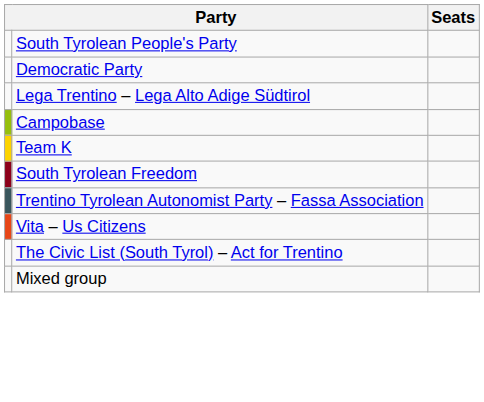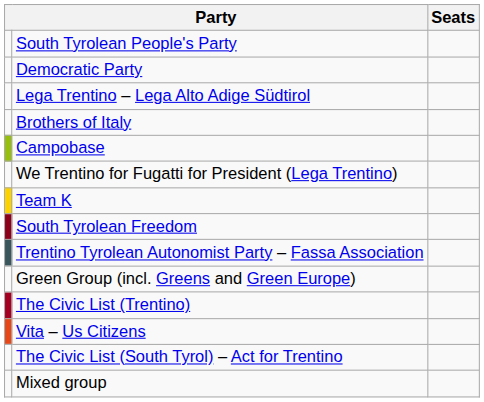 <table class=wikitable>
 <tr>
 <th colspan=2>Party</th>
 <th>Seats</th>
 </tr>
 <tr>
 <td style="color:inherit;background:"></td>
 <td><a href='#'>South Tyrolean People's Party</a></td>
 <td></td>
 </tr>
 <tr>
 <td style="color:inherit;background:"></td>
 <td><a href='#'>Democratic Party</a></td>
 <td></td>
 </tr>
 <tr>
 <td style="color:inherit;background:"></td>
 <td><a href='#'>Lega Trentino</a> – <a href='#'>Lega Alto Adige Südtirol</a></td>
 <td></td>
 </tr>
 <tr>
+<td style="color:inherit;background:"></td>
+<td><a href='#'>Brothers of Italy</a></td>
+<td></td>
+</tr>
+<tr>
 <td style="color:inherit;background:#96bf0d"></td>
 <td><a href='#'>Campobase</a></td>
+<td></td>
+</tr>
+<tr>
+<td style="color:inherit;background:"></td>
+<td>We Trentino for Fugatti for President (<a href='#'>Lega Trentino</a>)</td>
 <td></td>
 </tr>
 <tr>
 <td style="color:inherit;background:#FCD300"></td>
 <td><a href='#'>Team K</a></td>
 <td></td>
 </tr>
 <tr>
 <td style="color:inherit;background:#8C001A"></td>
 <td><a href='#'>South Tyrolean Freedom</a></td>
 <td></td>
 </tr>
 <tr>
 <td style="color:inherit;background:#39565C"></td>
 <td><a href='#'>Trentino Tyrolean Autonomist Party</a> – <a href='#'>Fassa Association</a></td>
 <td></td>
 </tr>
 <tr>
+<td style="color:inherit;background:"></td>
+<td>Green Group (incl. <a href='#'>Greens</a> and <a href='#'>Green Europe</a>)</td>
+<td></td>
+</tr>
+<tr>
+<td style="color:inherit;background:#A50021"></td>
+<td><a href='#'>The Civic List (Trentino)</a></td>
+<td></td>
+</tr>
+<tr>
 <td style="color:inherit;background:#E74617"></td>
 <td><a href='#'>Vita</a> – <a href='#'>Us Citizens</a></td>
 <td></td>
 </tr>
 <tr>
 <td style="color:inherit;background:"></td>
 <td><a href='#'>The Civic List (South Tyrol)</a> – <a href='#'>Act for Trentino</a></td>
 <td></td>
 </tr>
 <tr>
 <td style="color:inherit;background:"></td>
 <td>Mixed group</td>
 <td></td>
 </tr>
 </table>
